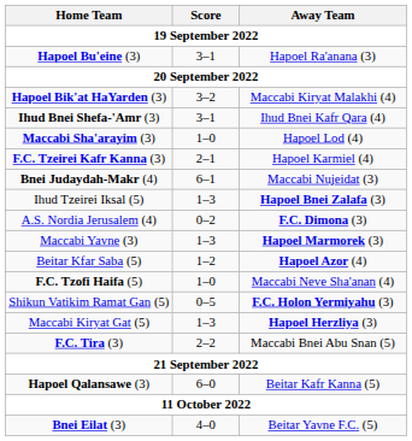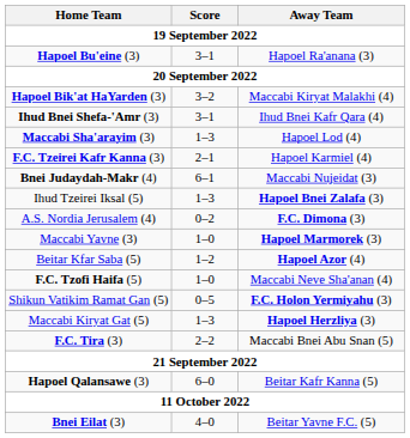 <table class="wikitable" style="text-align: center;">
 <tr>
 <th width="200px">Home Team</th>
 <th width="75px">Score</th>
 <th width="200px">Away Team</th>
 </tr>
 <tr>
 <td colspan=4 bgcolor=White><strong>19 September 2022</strong></td>
 </tr>
 <tr>
 <td><strong><a href='#'>Hapoel Bu'eine</a></strong> (3)</td>
 <td>3–1</td>
 <td><a href='#'>Hapoel Ra'anana</a> (3)</td>
 </tr>
 <tr>
 <td colspan=4 bgcolor=White><strong>20 September 2022</strong></td>
 </tr>
 <tr>
 <td><strong><a href='#'>Hapoel Bik'at HaYarden</a></strong> (3)</td>
 <td>3–2</td>
 <td><a href='#'>Maccabi Kiryat Malakhi</a> (4)</td>
 </tr>
 <tr>
 <td><strong>Ihud Bnei Shefa-'Amr</strong> (3)</td>
 <td>3–1</td>
 <td><a href='#'>Ihud Bnei Kafr Qara</a> (4)</td>
 </tr>
 <tr>
 <td><strong><a href='#'>Maccabi Sha'arayim</a></strong> (3)</td>
-<td>1–0</td>
+<td>1–3</td>
 <td><a href='#'>Hapoel Lod</a> (4)</td>
 </tr>
 <tr>
 <td><strong><a href='#'>F.C. Tzeirei Kafr Kanna</a></strong> (3)</td>
 <td>2–1</td>
 <td><a href='#'>Hapoel Karmiel</a> (4)</td>
 </tr>
 <tr>
 <td><strong>Bnei Judaydah-Makr</strong> (4)</td>
 <td>6–1</td>
 <td><a href='#'>Maccabi Nujeidat</a> (3)</td>
 </tr>
 <tr>
 <td>Ihud Tzeirei Iksal (5)</td>
 <td>1–3</td>
 <td><strong><a href='#'>Hapoel Bnei Zalafa</a></strong> (3)</td>
 </tr>
 <tr>
 <td><a href='#'>A.S. Nordia Jerusalem</a> (4)</td>
 <td>0–2</td>
 <td><strong><a href='#'>F.C. Dimona</a></strong> (3)</td>
 </tr>
 <tr>
 <td><a href='#'>Maccabi Yavne</a> (3)</td>
-<td>1–3</td>
+<td>1–0</td>
 <td><strong><a href='#'>Hapoel Marmorek</a></strong> (3)</td>
 </tr>
 <tr>
 <td><a href='#'>Beitar Kfar Saba</a> (5)</td>
 <td>1–2</td>
 <td><strong><a href='#'>Hapoel Azor</a></strong> (4)</td>
 </tr>
 <tr>
 <td><strong>F.C. Tzofi Haifa</strong> (5)</td>
 <td>1–0</td>
 <td><a href='#'>Maccabi Neve Sha'anan</a> (4)</td>
 </tr>
 <tr>
 <td><a href='#'>Shikun Vatikim Ramat Gan</a> (5)</td>
 <td>0–5</td>
 <td><strong><a href='#'>F.C. Holon Yermiyahu</a></strong> (3)</td>
 </tr>
 <tr>
 <td><a href='#'>Maccabi Kiryat Gat</a> (5)</td>
 <td>1–3</td>
 <td><strong><a href='#'>Hapoel Herzliya</a></strong> (3)</td>
 </tr>
 <tr>
 <td><strong><a href='#'>F.C. Tira</a></strong> (3)</td>
 <td>2–2 </td>
 <td>Maccabi Bnei Abu Snan (5)</td>
 </tr>
 <tr>
 <td colspan=4 bgcolor=White><strong>21 September 2022</strong></td>
 </tr>
 <tr>
 <td><strong>Hapoel Qalansawe</strong> (3)</td>
 <td>6–0</td>
 <td><a href='#'>Beitar Kafr Kanna</a> (5)</td>
 </tr>
 <tr>
 <td colspan=4 bgcolor=White><strong>11 October 2022</strong></td>
 </tr>
 <tr>
 <td><strong><a href='#'>Bnei Eilat</a></strong> (3)</td>
 <td>4–0</td>
 <td><a href='#'>Beitar Yavne F.C.</a> (5)</td>
 </tr>
 </table>
